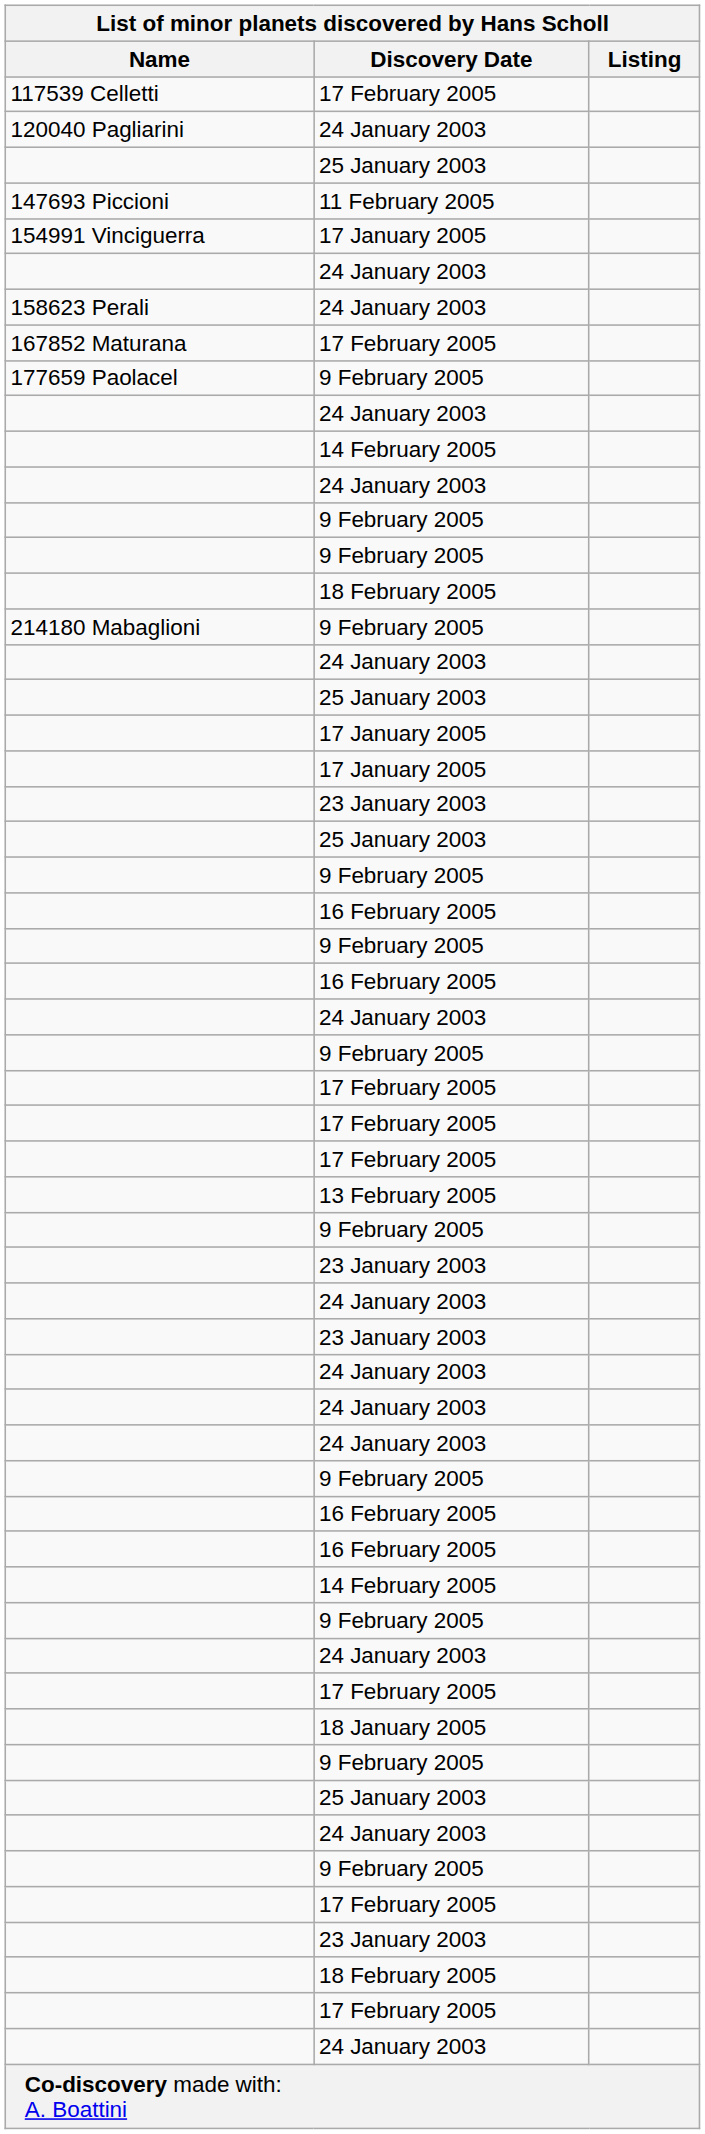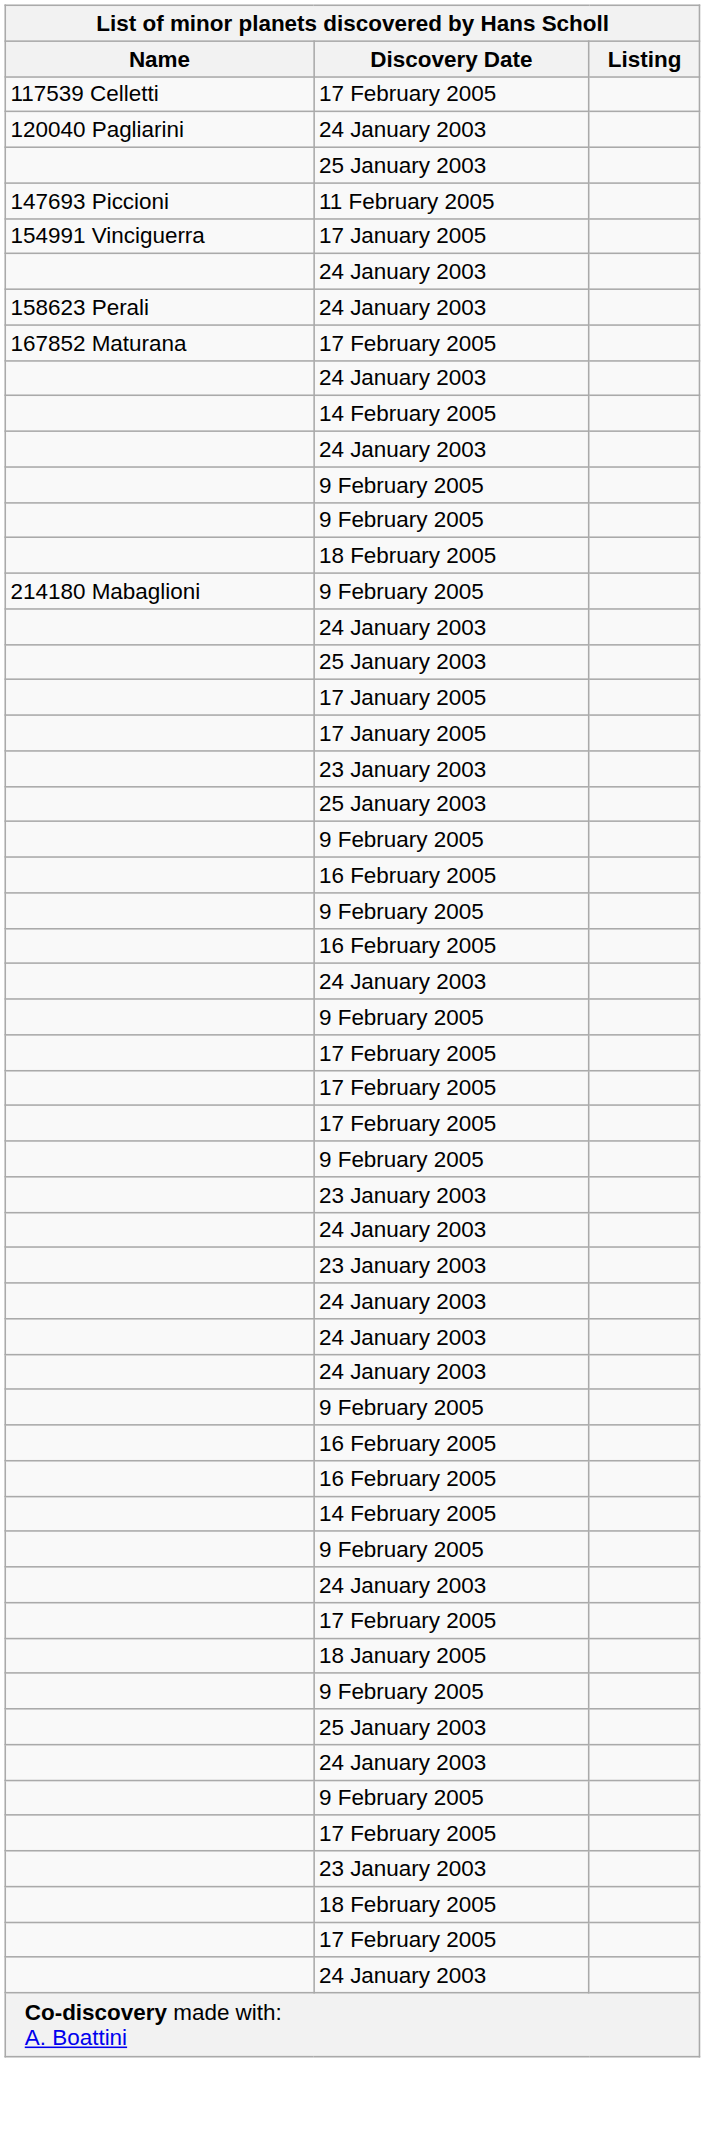 <table class="wikitable collapsible" style="width:31em; display:inline-table; margin:8px; text-align:left; font-size: 90%;">
 <tr>
 <th colspan=3>List of minor planets discovered by Hans Scholl</th>
 </tr>
 <tr>
 <th scope="col" style="width: 13.5em;">Name</th>
 <th scope="col" style="width: 12em;">Discovery Date</th>
 <th scope="col" style="width: 4.5em;">Listing</th>
 </tr>
 <tr>
 <td>117539 Celletti</td>
 <td>17 February 2005</td>
 <td> </td>
 </tr>
 <tr>
 <td>120040 Pagliarini</td>
 <td>24 January 2003</td>
 <td> </td>
 </tr>
 <tr>
 <td></td>
 <td>25 January 2003</td>
 <td> </td>
 </tr>
 <tr>
 <td>147693 Piccioni</td>
 <td>11 February 2005</td>
 <td> </td>
 </tr>
 <tr>
 <td>154991 Vinciguerra</td>
 <td>17 January 2005</td>
 <td> </td>
 </tr>
 <tr>
 <td></td>
 <td>24 January 2003</td>
 <td> </td>
 </tr>
 <tr>
 <td>158623 Perali</td>
 <td>24 January 2003</td>
 <td> </td>
 </tr>
 <tr>
 <td>167852 Maturana</td>
 <td>17 February 2005</td>
-<td> </td>
-</tr>
-<tr>
-<td>177659 Paolacel</td>
-<td>9 February 2005</td>
 <td> </td>
 </tr>
 <tr>
 <td></td>
 <td>24 January 2003</td>
 <td> </td>
 </tr>
 <tr>
 <td></td>
 <td>14 February 2005</td>
 <td> </td>
 </tr>
 <tr>
 <td></td>
 <td>24 January 2003</td>
 <td> </td>
 </tr>
 <tr>
 <td></td>
 <td>9 February 2005</td>
 <td> </td>
 </tr>
 <tr>
 <td></td>
 <td>9 February 2005</td>
 <td> </td>
 </tr>
 <tr>
 <td></td>
 <td>18 February 2005</td>
 <td> </td>
 </tr>
 <tr>
 <td>214180 Mabaglioni</td>
 <td>9 February 2005</td>
 <td> </td>
 </tr>
 <tr>
 <td></td>
 <td>24 January 2003</td>
 <td> </td>
 </tr>
 <tr>
 <td></td>
 <td>25 January 2003</td>
 <td> </td>
 </tr>
 <tr>
 <td></td>
 <td>17 January 2005</td>
 <td> </td>
 </tr>
 <tr>
 <td></td>
 <td>17 January 2005</td>
 <td> </td>
 </tr>
 <tr>
 <td></td>
 <td>23 January 2003</td>
 <td> </td>
 </tr>
 <tr>
 <td></td>
 <td>25 January 2003</td>
 <td> </td>
 </tr>
 <tr>
 <td></td>
 <td>9 February 2005</td>
 <td> </td>
 </tr>
 <tr>
 <td></td>
 <td>16 February 2005</td>
 <td> </td>
 </tr>
 <tr>
 <td></td>
 <td>9 February 2005</td>
 <td> </td>
 </tr>
 <tr>
 <td></td>
 <td>16 February 2005</td>
 <td> </td>
 </tr>
 <tr>
 <td></td>
 <td>24 January 2003</td>
 <td> </td>
 </tr>
 <tr>
 <td></td>
 <td>9 February 2005</td>
 <td> </td>
 </tr>
 <tr>
 <td></td>
 <td>17 February 2005</td>
 <td> </td>
 </tr>
 <tr>
 <td></td>
 <td>17 February 2005</td>
 <td> </td>
 </tr>
 <tr>
 <td></td>
 <td>17 February 2005</td>
-<td> </td>
-</tr>
-<tr>
-<td></td>
-<td>13 February 2005</td>
 <td> </td>
 </tr>
 <tr>
 <td></td>
 <td>9 February 2005</td>
 <td> </td>
 </tr>
 <tr>
 <td></td>
 <td>23 January 2003</td>
 <td> </td>
 </tr>
 <tr>
 <td></td>
 <td>24 January 2003</td>
 <td> </td>
 </tr>
 <tr>
 <td></td>
 <td>23 January 2003</td>
 <td> </td>
 </tr>
 <tr>
 <td></td>
 <td>24 January 2003</td>
 <td> </td>
 </tr>
 <tr>
 <td></td>
 <td>24 January 2003</td>
 <td> </td>
 </tr>
 <tr>
 <td></td>
 <td>24 January 2003</td>
 <td> </td>
 </tr>
 <tr>
 <td></td>
 <td>9 February 2005</td>
 <td> </td>
 </tr>
 <tr>
 <td></td>
 <td>16 February 2005</td>
 <td> </td>
 </tr>
 <tr>
 <td></td>
 <td>16 February 2005</td>
 <td> </td>
 </tr>
 <tr>
 <td></td>
 <td>14 February 2005</td>
 <td> </td>
 </tr>
 <tr>
 <td></td>
 <td>9 February 2005</td>
 <td> </td>
 </tr>
 <tr>
 <td></td>
 <td>24 January 2003</td>
 <td> </td>
 </tr>
 <tr>
 <td></td>
 <td>17 February 2005</td>
 <td> </td>
 </tr>
 <tr>
 <td></td>
 <td>18 January 2005</td>
 <td> </td>
 </tr>
 <tr>
 <td></td>
 <td>9 February 2005</td>
 <td> </td>
 </tr>
 <tr>
 <td></td>
 <td>25 January 2003</td>
 <td> </td>
 </tr>
 <tr>
 <td></td>
 <td>24 January 2003</td>
 <td> </td>
 </tr>
 <tr>
 <td></td>
 <td>9 February 2005</td>
 <td> </td>
 </tr>
 <tr>
 <td></td>
 <td>17 February 2005</td>
 <td> </td>
 </tr>
 <tr>
 <td></td>
 <td>23 January 2003</td>
 <td> </td>
 </tr>
 <tr>
 <td></td>
 <td>18 February 2005</td>
 <td> </td>
 </tr>
 <tr>
 <td></td>
 <td>17 February 2005</td>
 <td> </td>
 </tr>
 <tr>
 <td></td>
 <td>24 January 2003</td>
 <td> </td>
 </tr>
 <tr>
 <th colspan=3 style="font-weight: normal; text-align: left; padding: 4px 12px;"><strong>Co-discovery</strong> made with:<br> <a href='#'>A. Boattini</a></th>
 </tr>
 </table>
